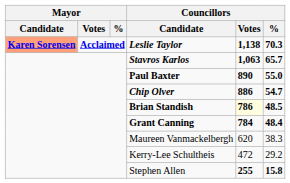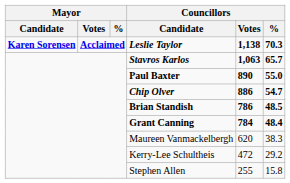 <table class="wikitable collapsible collapsed" align="right">
 <tr>
 <th colspan=3>Mayor</th>
 <th colspan=3>Councillors</th>
 </tr>
 <tr>
 <th>Candidate</th>
 <th>Votes</th>
 <th>%</th>
 <th>Candidate</th>
 <th>Votes</th>
 <th>%</th>
 </tr>
 <tr>
-<td style="background: lightsalmon;"><strong><a href='#'>Karen Sorensen</a></strong></td>
+<td><strong><a href='#'>Karen Sorensen</a></strong></td>
 <td colspan=2><strong><a href='#'>Acclaimed</a></strong></td>
 <td><strong><em>Leslie Taylor</em></strong></td>
 <td><strong>1,138</strong></td>
 <td><strong>70.3</strong></td>
 </tr>
 <tr>
 <td rowspan=8 colspan=3></td>
 <td><strong><em>Stavros Karlos</em></strong></td>
 <td><strong>1,063</strong></td>
 <td><strong>65.7</strong></td>
 </tr>
 <tr>
 <td><strong>Paul Baxter</strong></td>
 <td><strong>890</strong></td>
 <td><strong>55.0</strong></td>
 </tr>
 <tr>
 <td><strong><em>Chip Olver</em></strong></td>
 <td><strong>886</strong></td>
 <td><strong>54.7</strong></td>
 </tr>
 <tr>
 <td><strong>Brian Standish</strong></td>
-<td style="background: lightyellow;"><strong>786</strong></td>
+<td><strong>786</strong></td>
 <td><strong>48.5</strong></td>
 </tr>
 <tr>
 <td><strong>Grant Canning</strong></td>
 <td><strong>784</strong></td>
 <td><strong>48.4</strong></td>
 </tr>
 <tr>
 <td>Maureen Vanmackelbergh</td>
 <td>620</td>
 <td>38.3</td>
 </tr>
 <tr>
 <td>Kerry-Lee Schultheis</td>
 <td>472</td>
 <td>29.2</td>
 </tr>
 <tr>
 <td>Stephen Allen</td>
-<td><strong>255</strong></td>
-<td><strong>15.8</strong></td>
+<td>255</td>
+<td>15.8</td>
 </tr>
 </table>
